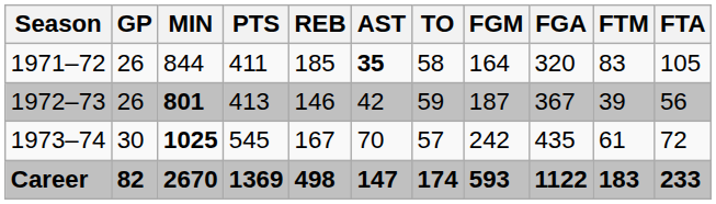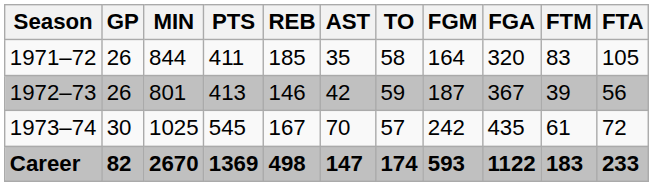 <table class="wikitable">
 <tr>
 <th>Season</th>
 <th>GP</th>
 <th>MIN</th>
 <th>PTS</th>
 <th>REB</th>
 <th>AST</th>
 <th>TO</th>
 <th>FGM</th>
 <th>FGA</th>
 <th>FTM</th>
 <th>FTA</th>
 </tr>
 <tr>
 <td>1971–72</td>
 <td>26</td>
 <td>844</td>
 <td>411</td>
 <td>185</td>
-<td><strong>35</strong></td>
+<td>35</td>
 <td>58</td>
 <td>164</td>
 <td>320</td>
 <td>83</td>
 <td>105</td>
 </tr>
 <tr bgcolor=silver>
 <td>1972–73</td>
 <td>26</td>
-<td><strong>801</strong></td>
+<td>801</td>
 <td>413</td>
 <td>146</td>
 <td>42</td>
 <td>59</td>
 <td>187</td>
 <td>367</td>
 <td>39</td>
 <td>56</td>
 </tr>
 <tr>
 <td>1973–74</td>
 <td>30</td>
-<td><strong>1025</strong></td>
+<td>1025</td>
 <td>545</td>
 <td>167</td>
 <td>70</td>
 <td>57</td>
 <td>242</td>
 <td>435</td>
 <td>61</td>
 <td>72</td>
 </tr>
 <tr bgcolor=silver>
 <td><strong>Career</strong></td>
 <td><strong>82</strong></td>
 <td><strong>2670</strong></td>
 <td><strong>1369</strong></td>
 <td><strong>498</strong></td>
 <td><strong>147</strong></td>
 <td><strong>174</strong></td>
 <td><strong>593</strong></td>
 <td><strong>1122</strong></td>
 <td><strong>183</strong></td>
 <td><strong>233</strong></td>
 </tr>
 <tr>
 </tr>
 </table>
